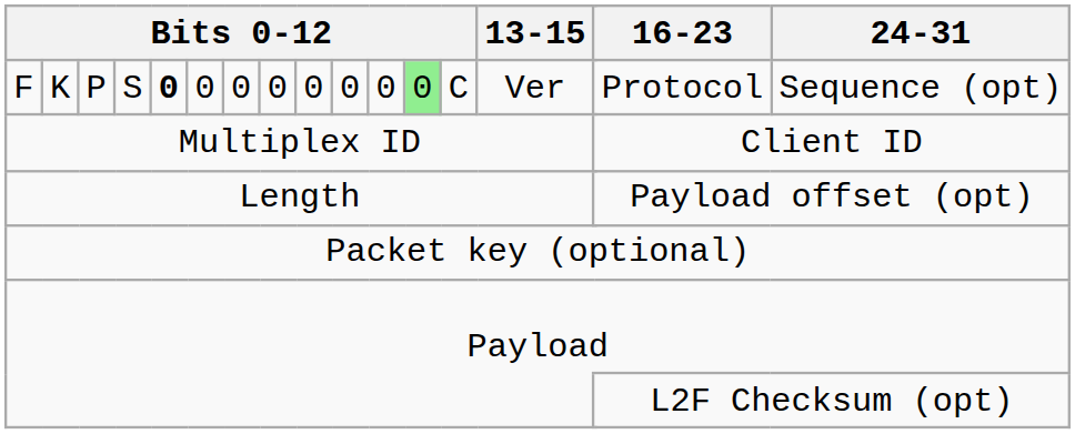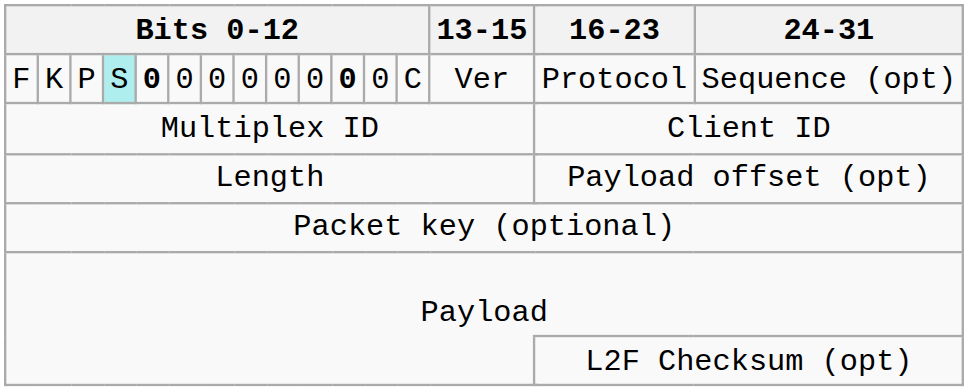 <table class="wikitable" style="text-align:center">
 <tr>
 <th colspan="13">Bits 0-12</th>
 <th colspan="3">13-15</th>
 <th colspan="8">16-23</th>
 <th colspan="8">24-31</th>
 </tr>
 <tr>
 <td colspan="1">F</td>
 <td colspan="1">K</td>
 <td colspan="1">P</td>
-<td colspan="1">S</td>
+<td colspan="1" style="background: paleturquoise;">S</td>
 <td colspan="1"><strong>0</strong></td>
 <td colspan="1">0</td>
 <td colspan="1">0</td>
 <td colspan="1">0</td>
 <td colspan="1">0</td>
 <td colspan="1">0</td>
+<td colspan="1"><strong>0</strong></td>
 <td colspan="1">0</td>
-<td colspan="1" style="background: lightgreen;">0</td>
 <td colspan="1">C</td>
 <td colspan="3">Ver</td>
 <td colspan="8">Protocol</td>
 <td colspan="8">Sequence (opt)</td>
 </tr>
 <tr>
 <td colspan="16">Multiplex ID</td>
 <td colspan="16">Client ID</td>
 </tr>
 <tr>
 <td colspan="16">Length</td>
 <td colspan="16">Payload offset (opt)</td>
 </tr>
 <tr>
 <td colspan="32">Packet key (optional)</td>
 </tr>
 <tr>
 <td colspan="32"><br>Payload<br></td>
 </tr>
 <tr>
 <td colspan="16" style="border-top-style: hidden;"> </td>
 <td colspan="16">L2F Checksum (opt)</td>
 </tr>
 </table>
